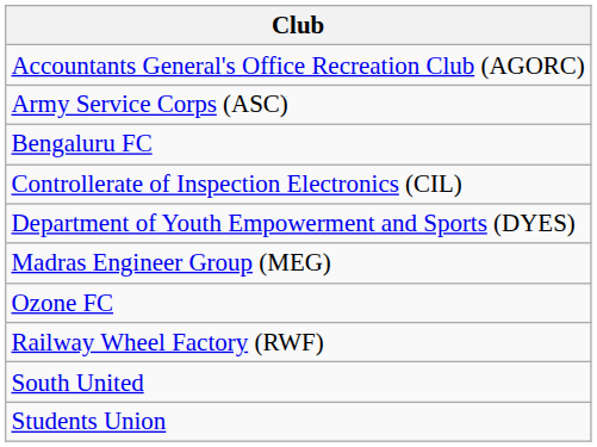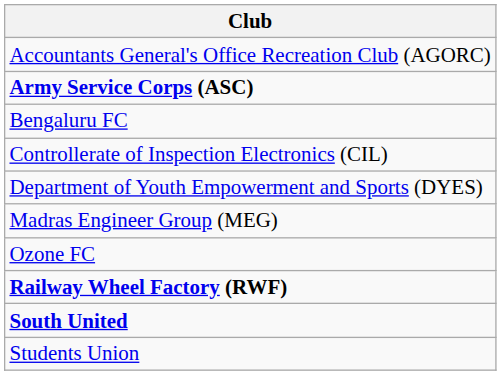 <table class="wikitable" style="text-align:center;">
 <tr>
 <th>Club</th>
 </tr>
 <tr>
 <td style="text-align:left;"><a href='#'>Accountants General's Office Recreation Club</a> (AGORC)</td>
 </tr>
 <tr>
-<td style="text-align:left;"><a href='#'>Army Service Corps</a> (ASC)</td>
+<td style="text-align:left;"><strong><a href='#'>Army Service Corps</a> (ASC)</strong></td>
 </tr>
 <tr>
 <td style="text-align:left;"><a href='#'>Bengaluru FC</a></td>
 </tr>
 <tr>
 <td style="text-align:left;"><a href='#'>Controllerate of Inspection Electronics</a> (CIL)</td>
 </tr>
 <tr>
 <td style="text-align:left;"><a href='#'>Department of Youth Empowerment and Sports</a> (DYES)</td>
 </tr>
 <tr>
 <td style="text-align:left;"><a href='#'>Madras Engineer Group</a> (MEG)</td>
 </tr>
 <tr>
 <td style="text-align:left;"><a href='#'>Ozone FC</a></td>
 </tr>
 <tr>
-<td style="text-align:left;"><a href='#'>Railway Wheel Factory</a> (RWF)</td>
+<td style="text-align:left;"><strong><a href='#'>Railway Wheel Factory</a> (RWF)</strong></td>
 </tr>
 <tr>
-<td style="text-align:left;"><a href='#'>South United</a></td>
+<td style="text-align:left;"><strong><a href='#'>South United</a></strong></td>
 </tr>
 <tr>
 <td style="text-align:left;"><a href='#'>Students Union</a></td>
 </tr>
 </table>
